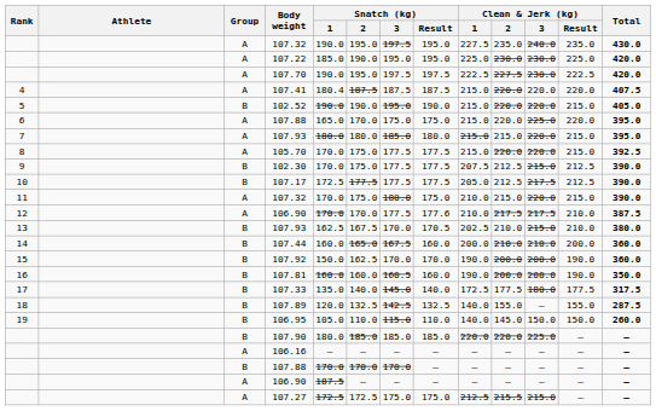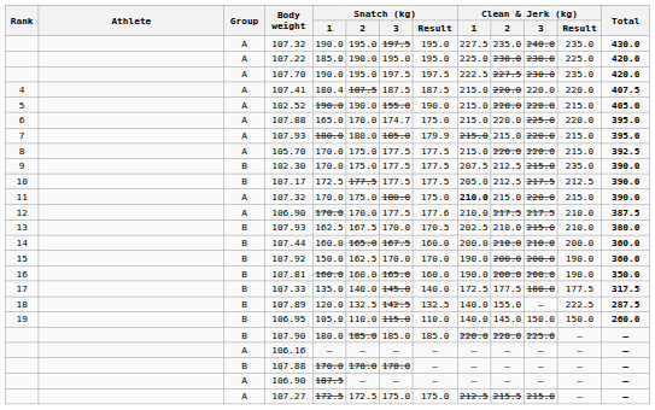 <table class="wikitable" style=" text-align:center;">
 <tr>
 <th rowspan=2 width=40>Rank</th>
 <th rowspan=2 width=250>Athlete</th>
 <th rowspan=2 width=50>Group</th>
 <th rowspan=2 width=60>Body weight</th>
 <th colspan=4>Snatch (kg)</th>
 <th colspan=4>Clean & Jerk (kg)</th>
 <th rowspan=2 width=60>Total</th>
 </tr>
 <tr>
 <th width=40>1</th>
 <th width=40>2</th>
 <th width=40>3</th>
 <th width=55>Result</th>
 <th width=40>1</th>
 <th width=40>2</th>
 <th width=40>3</th>
 <th width=55>Result</th>
 </tr>
 <tr>
 <td></td>
 <td align=left></td>
 <td>A</td>
 <td>107.32</td>
 <td>190.0</td>
 <td>195.0</td>
 <td><s>197.5</s></td>
 <td>195.0</td>
 <td>227.5</td>
 <td>235.0</td>
 <td><s>240.0</s></td>
 <td>235.0</td>
 <td><strong>430.0</strong></td>
 </tr>
 <tr>
 <td></td>
 <td align=left></td>
 <td>A</td>
 <td>107.22</td>
 <td>185.0</td>
 <td>190.0</td>
 <td>195.0</td>
 <td>195.0</td>
 <td>225.0</td>
 <td><s>230.0</s></td>
 <td><s>230.0</s></td>
 <td>225.0</td>
 <td><strong>420.0</strong></td>
 </tr>
 <tr>
 <td></td>
 <td align=left></td>
 <td>A</td>
 <td>107.70</td>
 <td>190.0</td>
 <td>195.0</td>
 <td>197.5</td>
 <td>197.5</td>
 <td>222.5</td>
 <td><s>227.5</s></td>
 <td><s>230.0</s></td>
-<td>222.5</td>
+<td>235.0</td>
 <td><strong>420.0</strong></td>
 </tr>
 <tr>
 <td>4</td>
 <td align=left></td>
 <td>A</td>
 <td>107.41</td>
 <td>180.4</td>
 <td><s>187.5</s></td>
 <td>187.5</td>
 <td>187.5</td>
 <td>215.0</td>
 <td><s>220.0</s></td>
 <td>220.0</td>
 <td>220.0</td>
 <td><strong>407.5</strong></td>
 </tr>
 <tr>
 <td>5</td>
 <td align=left></td>
-<td>B</td>
+<td>A</td>
 <td>102.52</td>
 <td><s>190.0</s></td>
 <td>190.0</td>
-<td><s>195.0</s></td>
+<td><s>155.0</s></td>
 <td>190.0</td>
 <td>215.0</td>
 <td><s>220.0</s></td>
 <td><s>220.0</s></td>
 <td>215.0</td>
 <td><strong>405.0</strong></td>
 </tr>
 <tr>
 <td>6</td>
 <td align=left></td>
 <td>A</td>
 <td>107.88</td>
 <td>165.0</td>
 <td>170.0</td>
-<td>175.0</td>
+<td>174.7</td>
 <td>175.0</td>
 <td>215.0</td>
 <td>220.0</td>
 <td><s>225.0</s></td>
 <td>220.0</td>
 <td><strong>395.0</strong></td>
 </tr>
 <tr>
 <td>7</td>
 <td align=left></td>
 <td>A</td>
 <td>107.93</td>
 <td><s>180.0</s></td>
 <td>180.0</td>
 <td><s>185.0</s></td>
-<td>180.0</td>
+<td>179.9</td>
 <td><s>215.0</s></td>
 <td>215.0</td>
 <td><s>220.0</s></td>
 <td>215.0</td>
 <td><strong>395.0</strong></td>
 </tr>
 <tr>
 <td>8</td>
 <td align=left></td>
 <td>A</td>
 <td>105.70</td>
 <td>170.0</td>
 <td>175.0</td>
 <td>177.5</td>
 <td>177.5</td>
 <td>215.0</td>
 <td><s>220.0</s></td>
 <td><s>220.0</s></td>
 <td>215.0</td>
 <td><strong>392.5</strong></td>
 </tr>
 <tr>
 <td>9</td>
 <td align=left></td>
 <td>B</td>
 <td>102.30</td>
 <td>170.0</td>
 <td>175.0</td>
 <td>177.5</td>
 <td>177.5</td>
 <td>207.5</td>
 <td>212.5</td>
 <td><s>215.0</s></td>
-<td>212.5</td>
+<td>235.0</td>
 <td><strong>390.0</strong></td>
 </tr>
 <tr>
 <td>10</td>
 <td align=left></td>
 <td>B</td>
 <td>107.17</td>
 <td>172.5</td>
 <td><s>177.5</s></td>
 <td>177.5</td>
 <td>177.5</td>
 <td>205.0</td>
 <td>212.5</td>
 <td><s>217.5</s></td>
 <td>212.5</td>
 <td><strong>390.0</strong></td>
 </tr>
 <tr>
 <td>11</td>
 <td align=left></td>
 <td>A</td>
 <td>107.32</td>
 <td>170.0</td>
 <td>175.0</td>
 <td><s>180.0</s></td>
 <td>175.0</td>
-<td>210.0</td>
+<td><strong>210.0</strong></td>
 <td>215.0</td>
 <td><s>220.0</s></td>
 <td>215.0</td>
 <td><strong>390.0</strong></td>
 </tr>
 <tr>
 <td>12</td>
 <td align=left></td>
 <td>A</td>
 <td>106.90</td>
 <td><s>170.0</s></td>
 <td>170.0</td>
 <td>177.5</td>
 <td>177.6</td>
 <td>210.0</td>
 <td><s>217.5</s></td>
 <td><s>217.5</s></td>
 <td>210.0</td>
 <td><strong>387.5</strong></td>
 </tr>
 <tr>
 <td>13</td>
 <td align=left></td>
 <td>B</td>
 <td>107.93</td>
 <td>162.5</td>
 <td>167.5</td>
 <td>170.0</td>
 <td>170.5</td>
 <td>202.5</td>
 <td>210.0</td>
 <td><s>215.0</s></td>
 <td>210.0</td>
 <td><strong>380.0</strong></td>
 </tr>
 <tr>
 <td>14</td>
 <td align=left></td>
 <td>B</td>
 <td>107.44</td>
 <td>160.0</td>
 <td><s>165.0</s></td>
 <td><s>167.5</s></td>
 <td>160.0</td>
 <td>200.0</td>
 <td><s>210.0</s></td>
 <td><s>210.0</s></td>
 <td>200.0</td>
 <td><strong>360.0</strong></td>
 </tr>
 <tr>
 <td>15</td>
 <td align=left></td>
 <td>B</td>
 <td>107.92</td>
 <td>150.0</td>
 <td>162.5</td>
 <td>170.0</td>
 <td>170.0</td>
 <td>190.0</td>
 <td><s>200.0</s></td>
 <td><s>200.0</s></td>
 <td>190.0</td>
 <td><strong>360.0</strong></td>
 </tr>
 <tr>
 <td>16</td>
 <td align=left></td>
 <td>B</td>
 <td>107.81</td>
 <td><s>160.0</s></td>
 <td>160.0</td>
-<td><s>160.5</s></td>
+<td><s>165.0</s></td>
 <td>160.0</td>
 <td>190.0</td>
 <td><s>200.0</s></td>
 <td><s>200.0</s></td>
 <td>190.0</td>
 <td><strong>350.0</strong></td>
 </tr>
 <tr>
 <td>17</td>
 <td align=left></td>
 <td>B</td>
 <td>107.33</td>
 <td>135.0</td>
 <td>140.0</td>
 <td><s>145.0</s></td>
 <td>140.0</td>
 <td>172.5</td>
 <td>177.5</td>
 <td><s>180.0</s></td>
 <td>177.5</td>
 <td><strong>317.5</strong></td>
 </tr>
 <tr>
 <td>18</td>
 <td align="left"></td>
 <td>B</td>
 <td>107.89</td>
 <td>120.0</td>
 <td>132.5</td>
 <td><s>142.5</s></td>
 <td>132.5</td>
 <td>140.0</td>
 <td>155.0</td>
 <td>–</td>
-<td>155.0</td>
+<td>222.5</td>
 <td><strong>287.5</strong></td>
 </tr>
 <tr>
 <td>19</td>
 <td align="left"></td>
 <td>B</td>
 <td>106.95</td>
 <td>105.0</td>
 <td>110.0</td>
 <td><s>115.0</s></td>
 <td>110.0</td>
 <td>140.0</td>
 <td>145.0</td>
 <td>150.0</td>
 <td>150.0</td>
 <td><strong>260.0</strong></td>
 </tr>
 <tr>
 <td></td>
 <td align="left"></td>
 <td>B</td>
 <td>107.90</td>
 <td>180.0</td>
 <td><s>185.0</s></td>
 <td>185.0</td>
 <td>185.0</td>
 <td><s>220.0</s></td>
 <td><s>220.0</s></td>
 <td><s>225.0</s></td>
 <td>–</td>
 <td><strong>–</strong></td>
 </tr>
 <tr>
 <td></td>
 <td align="left"></td>
 <td>A</td>
 <td>106.16</td>
 <td>–</td>
 <td>–</td>
 <td>–</td>
 <td>–</td>
 <td>–</td>
 <td>–</td>
 <td>–</td>
 <td>–</td>
 <td><strong>–</strong></td>
 </tr>
 <tr>
 <td></td>
 <td align="left"></td>
 <td>B</td>
 <td>107.88</td>
 <td><s>170.0</s></td>
 <td><s>170.0</s></td>
 <td><s>170.0</s></td>
 <td>–</td>
 <td>–</td>
 <td>–</td>
 <td>–</td>
 <td>–</td>
 <td><strong>–</strong></td>
 </tr>
 <tr>
 <td></td>
 <td align="left"></td>
 <td>A</td>
 <td>106.90</td>
 <td><s>187.5</s></td>
 <td>–</td>
 <td>–</td>
 <td>–</td>
 <td>–</td>
 <td>–</td>
 <td>–</td>
 <td>–</td>
 <td><strong>–</strong></td>
 </tr>
 <tr>
 <td></td>
 <td align="left"></td>
 <td>A</td>
 <td>107.27</td>
 <td><s>172.5</s></td>
 <td>172.5</td>
 <td>175.0</td>
 <td>175.0</td>
 <td><s>212.5</s></td>
 <td><s>215.5</s></td>
 <td><s>215.0</s></td>
 <td>–</td>
 <td><strong>–</strong></td>
 </tr>
 </table>
